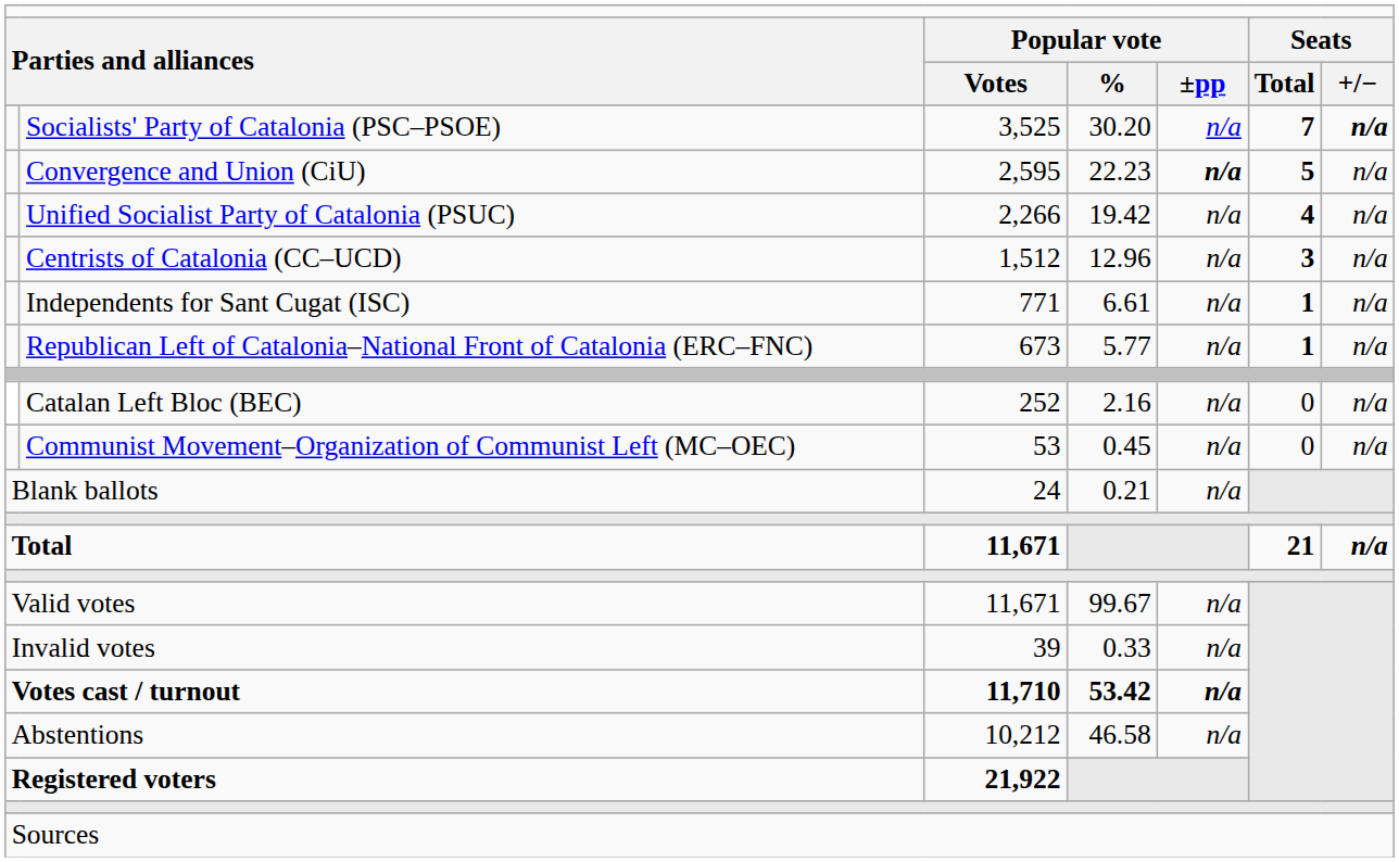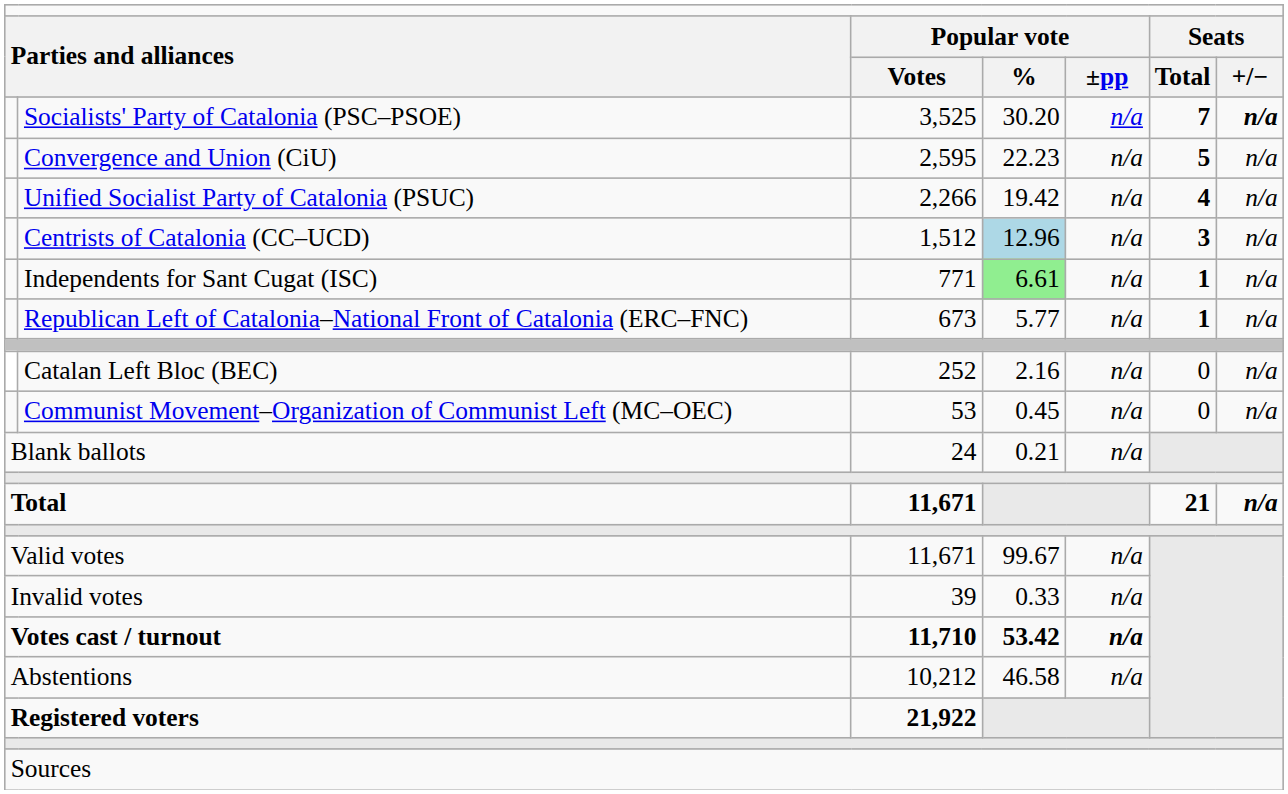 <table class="wikitable" style="text-align:right;">
 <tr>
 <td colspan="7"></td>
 </tr>
 <tr>
 <th style="text-align:left;" rowspan="2" colspan="2" width="525">Parties and alliances</th>
 <th colspan="3">Popular vote</th>
 <th colspan="2">Seats</th>
 </tr>
 <tr>
 <th width="75">Votes</th>
 <th width="45">%</th>
 <th width="45">±<a href='#'>pp</a></th>
 <th width="35">Total</th>
 <th width="35">+/−</th>
 </tr>
 <tr>
 <td width="1" style="color:inherit;background:"></td>
 <td align="left"><a href='#'>Socialists' Party of Catalonia</a> (PSC–PSOE)</td>
 <td>3,525</td>
 <td>30.20</td>
 <td><em><a href='#'>n/a</a></em></td>
 <td><strong>7</strong></td>
 <td><strong><em>n/a</em></strong></td>
 </tr>
 <tr>
 <td style="color:inherit;background:"></td>
 <td align="left"><a href='#'>Convergence and Union</a> (CiU)</td>
 <td>2,595</td>
 <td>22.23</td>
-<td><strong><em>n/a</em></strong></td>
+<td><em>n/a</em></td>
 <td><strong>5</strong></td>
 <td><em>n/a</em></td>
 </tr>
 <tr>
 <td style="color:inherit;background:"></td>
 <td align="left"><a href='#'>Unified Socialist Party of Catalonia</a> (PSUC)</td>
 <td>2,266</td>
 <td>19.42</td>
 <td><em>n/a</em></td>
 <td><strong>4</strong></td>
 <td><em>n/a</em></td>
 </tr>
 <tr>
 <td style="color:inherit;background:"></td>
 <td align="left"><a href='#'>Centrists of Catalonia</a> (CC–UCD)</td>
 <td>1,512</td>
-<td>12.96</td>
+<td style="background: lightblue;">12.96</td>
 <td><em>n/a</em></td>
 <td><strong>3</strong></td>
 <td><em>n/a</em></td>
 </tr>
 <tr>
 <td style="color:inherit;background:"></td>
 <td align="left">Independents for Sant Cugat (ISC)</td>
 <td>771</td>
-<td>6.61</td>
+<td style="background: lightgreen;">6.61</td>
 <td><em>n/a</em></td>
 <td><strong>1</strong></td>
 <td><em>n/a</em></td>
 </tr>
 <tr>
 <td style="color:inherit;background:"></td>
 <td align="left"><a href='#'>Republican Left of Catalonia</a>–<a href='#'>National Front of Catalonia</a> (ERC–FNC)</td>
 <td>673</td>
 <td>5.77</td>
 <td><em>n/a</em></td>
 <td><strong>1</strong></td>
 <td><em>n/a</em></td>
 </tr>
 <tr>
 <td colspan="7" style="color:inherit;background:#C0C0C0"></td>
 </tr>
 <tr>
 <td bgcolor="white"></td>
 <td align="left">Catalan Left Bloc (BEC)</td>
 <td>252</td>
 <td>2.16</td>
 <td><em>n/a</em></td>
 <td>0</td>
 <td><em>n/a</em></td>
 </tr>
 <tr>
 <td style="color:inherit;background:"></td>
 <td align="left"><a href='#'>Communist Movement</a>–<a href='#'>Organization of Communist Left</a> (MC–OEC)</td>
 <td>53</td>
 <td>0.45</td>
 <td><em>n/a</em></td>
 <td>0</td>
 <td><em>n/a</em></td>
 </tr>
 <tr>
 <td align="left" colspan="2">Blank ballots</td>
 <td>24</td>
 <td>0.21</td>
 <td><em>n/a</em></td>
 <td style="color:inherit;background:#E9E9E9" colspan="2"></td>
 </tr>
 <tr>
 <td colspan="7" style="color:inherit;background:#E9E9E9"></td>
 </tr>
 <tr style="font-weight:bold;">
 <td align="left" colspan="2">Total</td>
 <td>11,671</td>
 <td bgcolor="#E9E9E9" colspan="2"></td>
 <td>21</td>
 <td><em>n/a</em></td>
 </tr>
 <tr>
 <td colspan="7" style="color:inherit;background:#E9E9E9"></td>
 </tr>
 <tr>
 <td align="left" colspan="2">Valid votes</td>
 <td>11,671</td>
 <td>99.67</td>
 <td><em>n/a</em></td>
 <td bgcolor="#E9E9E9" colspan="2" rowspan="5"></td>
 </tr>
 <tr>
 <td align="left" colspan="2">Invalid votes</td>
 <td>39</td>
 <td>0.33</td>
 <td><em>n/a</em></td>
 </tr>
 <tr style="font-weight:bold;">
 <td align="left" colspan="2">Votes cast / turnout</td>
 <td>11,710</td>
 <td>53.42</td>
 <td><em>n/a</em></td>
 </tr>
 <tr>
 <td align="left" colspan="2">Abstentions</td>
 <td>10,212</td>
 <td>46.58</td>
 <td><em>n/a</em></td>
 </tr>
 <tr style="font-weight:bold;">
 <td align="left" colspan="2">Registered voters</td>
 <td>21,922</td>
 <td bgcolor="#E9E9E9" colspan="2"></td>
 </tr>
 <tr>
 <td colspan="7" style="color:inherit;background:#E9E9E9"></td>
 </tr>
 <tr>
 <td align="left" colspan="7">Sources</td>
 </tr>
 </table>
